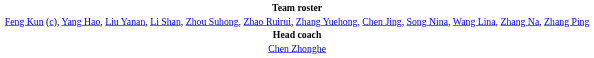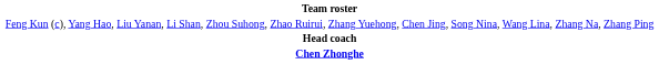 <table style="text-align:center; margin-top:2em; margin-left:auto; margin-right:auto">
 <tr>
 <td><strong>Team roster</strong></td>
 </tr>
 <tr>
 <td><a href='#'>Feng Kun</a> (<a href='#'>c</a>), <a href='#'>Yang Hao</a>, <a href='#'>Liu Yanan</a>, <a href='#'>Li Shan</a>, <a href='#'>Zhou Suhong</a>, <a href='#'>Zhao Ruirui</a>, <a href='#'>Zhang Yuehong</a>, <a href='#'>Chen Jing</a>, <a href='#'>Song Nina</a>, <a href='#'>Wang Lina</a>, <a href='#'>Zhang Na</a>, <a href='#'>Zhang Ping</a></td>
 </tr>
 <tr>
 <td><strong>Head coach</strong></td>
 </tr>
 <tr>
-<td><a href='#'>Chen Zhonghe</a></td>
+<td><strong><a href='#'>Chen Zhonghe</a></strong></td>
 </tr>
 <tr>
 </tr>
 </table>
